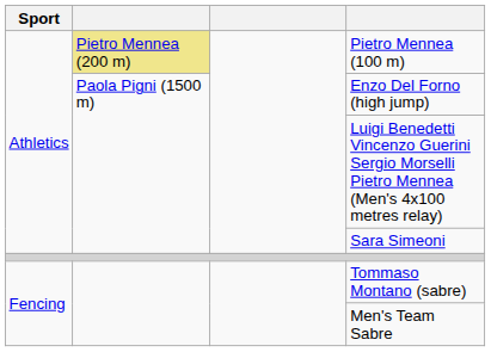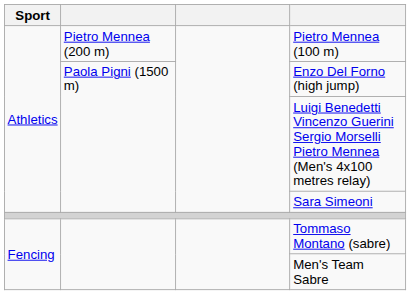 <table class="wikitable" width=70% style="font-size:90%; text-align:left;">
 <tr>
 <th width=13%>Sport</th>
 <th width=29%></th>
 <th width=29%></th>
 <th width=29%></th>
 </tr>
 <tr>
 <td rowspan=4> <a href='#'>Athletics</a></td>
-<td style="background: khaki;"><a href='#'>Pietro Mennea</a> (200 m)</td>
+<td><a href='#'>Pietro Mennea</a> (200 m)</td>
 <td rowspan=4></td>
 <td><a href='#'>Pietro Mennea</a> (100 m)</td>
 </tr>
 <tr>
 <td rowspan=3 valign=top><a href='#'>Paola Pigni</a> (1500 m)</td>
 <td><a href='#'>Enzo Del Forno</a> (high jump)</td>
 </tr>
 <tr>
 <td><a href='#'>Luigi Benedetti</a><br><a href='#'>Vincenzo Guerini</a><br><a href='#'>Sergio Morselli</a><br><a href='#'>Pietro Mennea</a><br>(Men's 4x100 metres relay)</td>
 </tr>
 <tr>
 <td><a href='#'>Sara Simeoni</a></td>
 </tr>
 <tr bgcolor=lightgrey>
 <td colspan=4></td>
 </tr>
 <tr>
 <td rowspan= 2 align=left> <a href='#'>Fencing</a></td>
 <td rowspan=2></td>
 <td rowspan=2></td>
 <td><a href='#'>Tommaso Montano</a> (sabre)</td>
 </tr>
 <tr>
 <td>Men's Team Sabre</td>
 </tr>
 </table>
